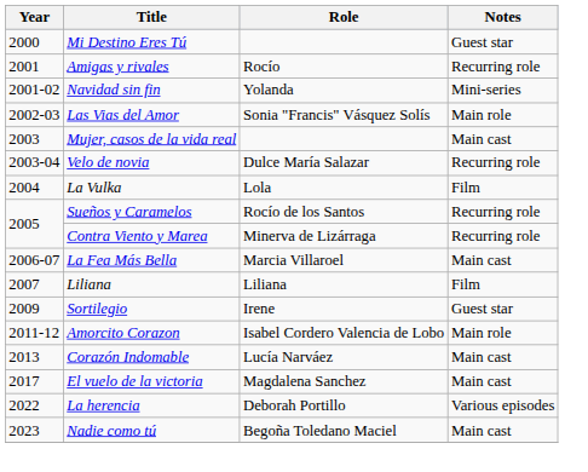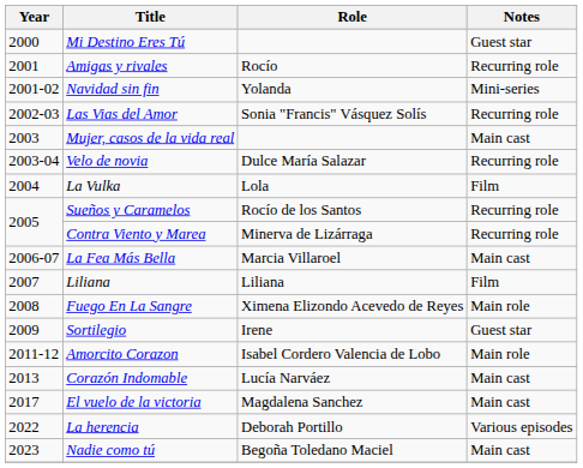 <table class="wikitable">
 <tr style="background:#b0c4de;">
 <th>Year</th>
 <th>Title</th>
 <th>Role</th>
 <th>Notes</th>
 </tr>
 <tr>
 <td>2000</td>
 <td><em><a href='#'>Mi Destino Eres Tú</a></em></td>
 <td></td>
 <td>Guest star</td>
 </tr>
 <tr>
 <td>2001</td>
 <td><em><a href='#'>Amigas y rivales</a></em></td>
 <td>Rocío</td>
 <td>Recurring role</td>
 </tr>
 <tr>
 <td>2001-02</td>
 <td><em><a href='#'>Navidad sin fin</a></em></td>
 <td>Yolanda</td>
 <td>Mini-series</td>
 </tr>
 <tr>
 <td>2002-03</td>
 <td><em><a href='#'>Las Vias del Amor</a></em></td>
 <td>Sonia "Francis" Vásquez Solís</td>
-<td>Main role</td>
+<td>Recurring role</td>
 </tr>
 <tr>
 <td>2003</td>
 <td><em><a href='#'>Mujer, casos de la vida real</a></em></td>
 <td></td>
 <td>Main cast</td>
 </tr>
 <tr>
 <td>2003-04</td>
 <td><em><a href='#'>Velo de novia</a></em></td>
 <td>Dulce María Salazar</td>
 <td>Recurring role</td>
 </tr>
 <tr>
 <td>2004</td>
 <td><em>La Vulka</em></td>
 <td>Lola</td>
 <td>Film</td>
 </tr>
 <tr>
 <td rowspan=2>2005</td>
 <td><em><a href='#'>Sueños y Caramelos</a></em></td>
 <td>Rocío de los Santos</td>
 <td>Recurring role</td>
 </tr>
 <tr>
 <td><em><a href='#'>Contra Viento y Marea</a></em></td>
 <td>Minerva de Lizárraga</td>
 <td>Recurring role</td>
 </tr>
 <tr>
 <td>2006-07</td>
 <td><em><a href='#'>La Fea Más Bella</a></em></td>
 <td>Marcia Villaroel</td>
 <td>Main cast</td>
 </tr>
 <tr>
 <td>2007</td>
 <td><em>Liliana</em></td>
 <td>Liliana</td>
 <td>Film</td>
 </tr>
 <tr>
+<td>2008</td>
+<td><em><a href='#'>Fuego En La Sangre</a></em></td>
+<td>Ximena Elizondo Acevedo de Reyes</td>
+<td>Main role</td>
+</tr>
+<tr>
 <td>2009</td>
 <td><em><a href='#'>Sortilegio</a></em></td>
 <td>Irene</td>
 <td>Guest star</td>
 </tr>
 <tr>
 <td>2011-12</td>
 <td><em><a href='#'>Amorcito Corazon</a></em></td>
 <td>Isabel Cordero Valencia de Lobo</td>
 <td>Main role</td>
 </tr>
 <tr>
 <td>2013</td>
 <td><em><a href='#'>Corazón Indomable</a></em></td>
 <td>Lucía Narváez</td>
 <td>Main cast</td>
 </tr>
 <tr>
 <td>2017</td>
 <td><em><a href='#'>El vuelo de la victoria</a></em></td>
 <td>Magdalena Sanchez</td>
 <td>Main cast</td>
 </tr>
 <tr>
 <td>2022</td>
 <td><em><a href='#'>La herencia</a></em></td>
 <td>Deborah Portillo</td>
 <td>Various episodes</td>
 </tr>
 <tr>
 <td>2023</td>
 <td><em><a href='#'>Nadie como tú</a></em></td>
 <td>Begoña Toledano Maciel</td>
 <td>Main cast</td>
 </tr>
 <tr>
 </tr>
 </table>
